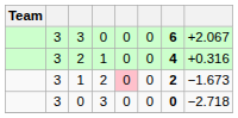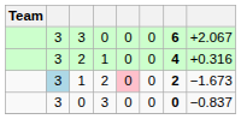 <table class="wikitable" style="text-align:center">
 <tr>
 <th>Team</th>
 <th style="width:20px;"></th>
 <th style="width:20px;"></th>
 <th style="width:20px;"></th>
 <th style="width:20px;"></th>
 <th style="width:20px;"></th>
 <th style="width:20px;"></th>
 <th style="width:45px;"></th>
 </tr>
 <tr style="background:#cfc;">
 <td style="text-align:left"></td>
 <td>3</td>
 <td>3</td>
 <td>0</td>
 <td>0</td>
 <td>0</td>
 <td><strong>6</strong></td>
 <td>+2.067</td>
 </tr>
 <tr style="background:#cfc;">
 <td style="text-align:left"></td>
 <td>3</td>
 <td>2</td>
 <td>1</td>
 <td>0</td>
 <td>0</td>
 <td><strong>4</strong></td>
 <td>+0.316</td>
 </tr>
 <tr>
 <td style="text-align:left"></td>
-<td>3</td>
+<td style="background: lightblue;">3</td>
 <td>1</td>
 <td>2</td>
 <td style="background: pink;">0</td>
 <td>0</td>
 <td><strong>2</strong></td>
 <td>−1.673</td>
 </tr>
 <tr>
 <td style="text-align:left"></td>
 <td>3</td>
 <td>0</td>
 <td>3</td>
 <td>0</td>
 <td>0</td>
 <td><strong>0</strong></td>
-<td>−2.718</td>
+<td>−0.837</td>
 </tr>
 <tr>
 </tr>
 </table>
